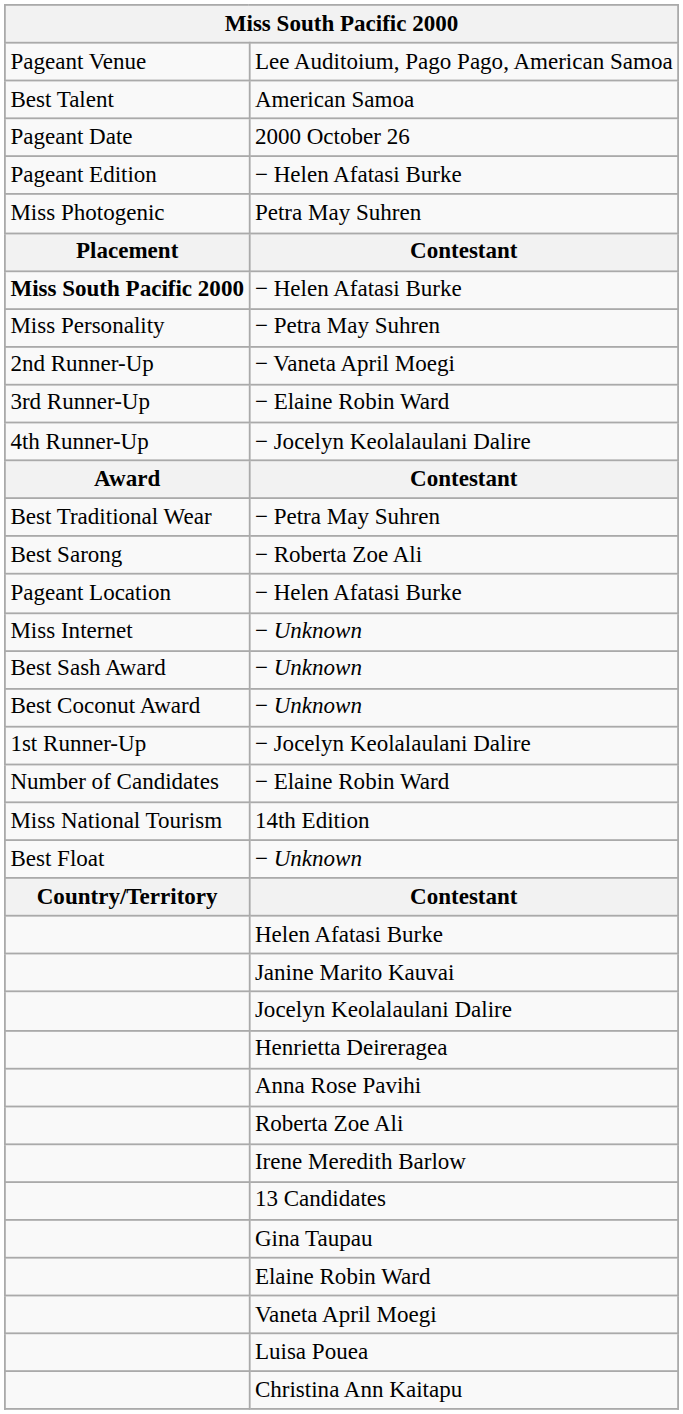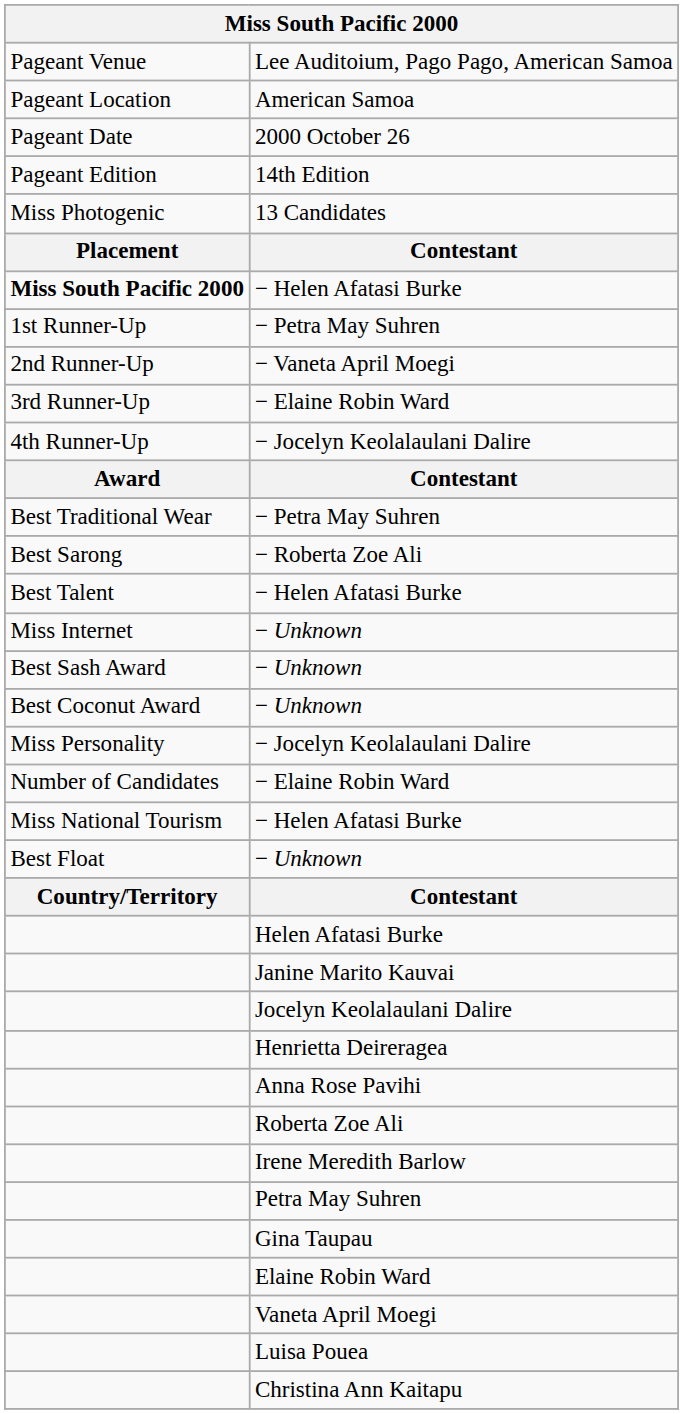 <table class="wikitable sortable" style="font-size: 80%;">
 <tr>
 <th colspan="2"><strong>Miss South Pacific 2000</strong></th>
 </tr>
 <tr>
 <td>Pageant Venue</td>
 <td>Lee Auditoium, Pago Pago, American Samoa</td>
 </tr>
 <tr>
-<td>Best Talent</td>
+<td>Pageant Location</td>
 <td>American Samoa</td>
 </tr>
 <tr>
 <td>Pageant Date</td>
 <td>2000 October 26</td>
 </tr>
 <tr>
 <td>Pageant Edition</td>
-<td> − Helen Afatasi Burke</td>
+<td>14th Edition</td>
 </tr>
 <tr>
 <td>Miss Photogenic</td>
-<td>Petra May Suhren</td>
+<td>13 Candidates</td>
 </tr>
 <tr>
 <th>Placement</th>
 <th>Contestant</th>
 </tr>
 <tr>
 <td><strong>Miss South Pacific 2000</strong></td>
 <td> − Helen Afatasi Burke</td>
 </tr>
 <tr>
-<td>Miss Personality</td>
+<td>1st Runner-Up</td>
 <td> − Petra May Suhren</td>
 </tr>
 <tr>
 <td>2nd Runner-Up</td>
 <td> − Vaneta April Moegi</td>
 </tr>
 <tr>
 <td>3rd Runner-Up</td>
 <td> − Elaine Robin Ward</td>
 </tr>
 <tr>
 <td>4th Runner-Up</td>
 <td> − Jocelyn Keolalaulani Dalire</td>
 </tr>
 <tr>
 <th>Award</th>
 <th>Contestant</th>
 </tr>
 <tr>
 <td>Best Traditional Wear</td>
 <td> − Petra May Suhren</td>
 </tr>
 <tr>
 <td>Best Sarong</td>
 <td> − Roberta Zoe Ali</td>
 </tr>
 <tr>
-<td>Pageant Location</td>
+<td>Best Talent</td>
 <td> − Helen Afatasi Burke</td>
 </tr>
 <tr>
 <td>Miss Internet</td>
 <td> − <em>Unknown</em></td>
 </tr>
 <tr>
 <td>Best Sash Award</td>
 <td> − <em>Unknown</em></td>
 </tr>
 <tr>
 <td>Best Coconut Award</td>
 <td> − <em>Unknown</em></td>
 </tr>
 <tr>
-<td>1st Runner-Up</td>
+<td>Miss Personality</td>
 <td> − Jocelyn Keolalaulani Dalire</td>
 </tr>
 <tr>
 <td>Number of Candidates</td>
 <td> − Elaine Robin Ward</td>
 </tr>
 <tr>
 <td>Miss National Tourism</td>
-<td>14th Edition</td>
+<td> − Helen Afatasi Burke</td>
 </tr>
 <tr>
 <td>Best Float</td>
 <td> − <em>Unknown</em></td>
 </tr>
 <tr>
 <th><strong>Country/Territory</strong></th>
 <th>Contestant</th>
 </tr>
 <tr>
 <td></td>
 <td>Helen Afatasi Burke</td>
 </tr>
 <tr>
 <td></td>
 <td>Janine Marito Kauvai</td>
 </tr>
 <tr>
 <td></td>
 <td>Jocelyn Keolalaulani Dalire</td>
 </tr>
 <tr>
 <td></td>
 <td>Henrietta Deireragea</td>
 </tr>
 <tr>
 <td></td>
 <td>Anna Rose Pavihi</td>
 </tr>
 <tr>
 <td></td>
 <td>Roberta Zoe Ali</td>
 </tr>
 <tr>
 <td></td>
 <td>Irene Meredith Barlow</td>
 </tr>
 <tr>
 <td></td>
-<td>13 Candidates</td>
+<td>Petra May Suhren</td>
 </tr>
 <tr>
 <td></td>
 <td>Gina Taupau</td>
 </tr>
 <tr>
 <td></td>
 <td>Elaine Robin Ward</td>
 </tr>
 <tr>
 <td></td>
 <td>Vaneta April Moegi</td>
 </tr>
 <tr>
 <td></td>
 <td>Luisa Pouea</td>
 </tr>
 <tr>
 <td></td>
 <td>Christina Ann Kaitapu</td>
 </tr>
 </table>
